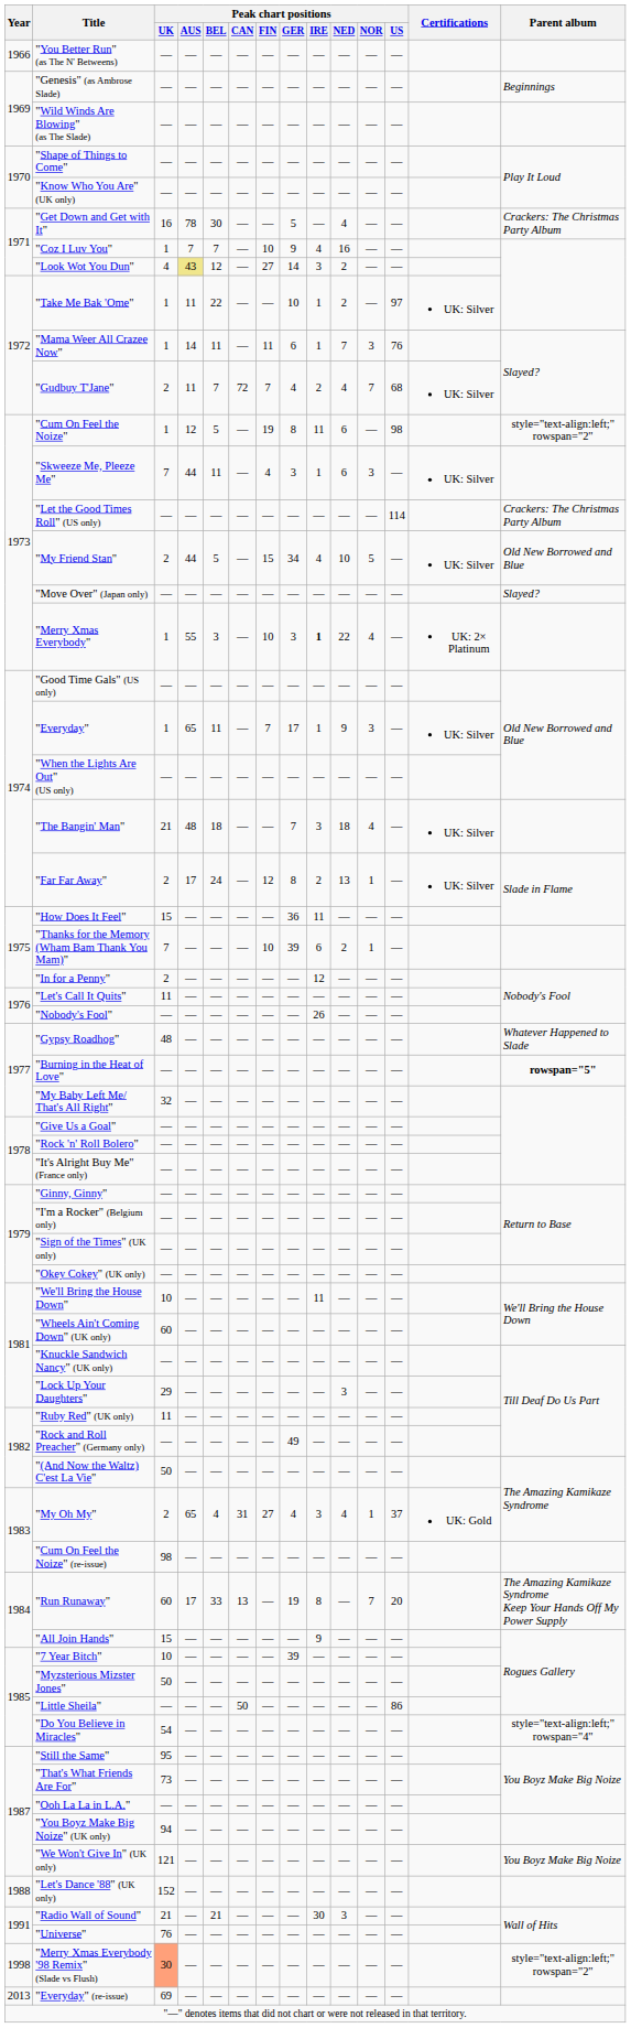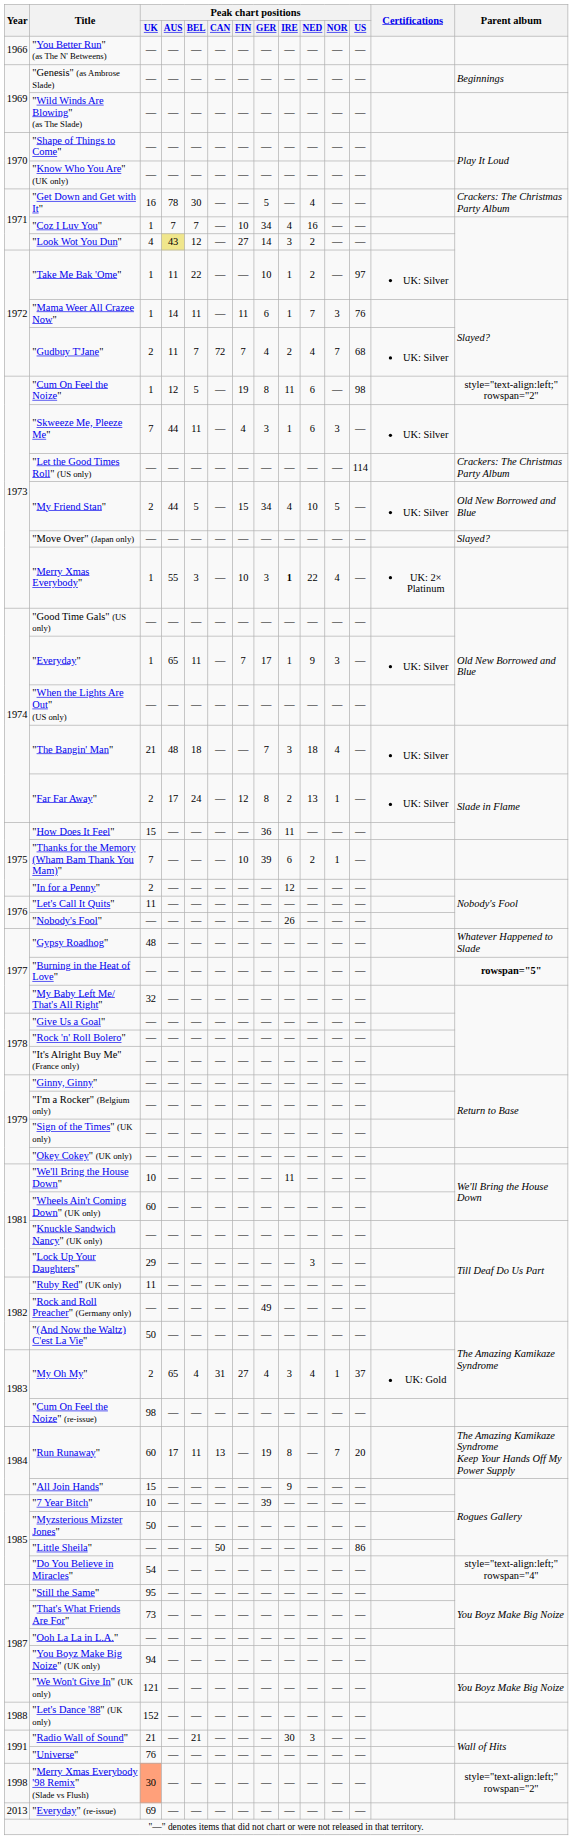 <table class="wikitable" style="text-align:center;">
 <tr>
 <th rowspan="2" style="width:2em;">Year</th>
 <th rowspan="2" style="width:18em;">Title</th>
 <th colspan="10">Peak chart positions</th>
 <th rowspan="2" style="width:10em;"><a href='#'>Certifications</a></th>
 <th rowspan="2" style="width:18em;">Parent album</th>
 </tr>
 <tr>
 <th style="width:2em;font-size:90%;"><a href='#'>UK</a><br></th>
 <th style="width:2em;font-size:90%;"><a href='#'>AUS</a><br></th>
 <th style="width:2em;font-size:90%;"><a href='#'>BEL</a><br></th>
 <th style="width:2em;font-size:90%;"><a href='#'>CAN</a><br></th>
 <th style="width:2em;font-size:90%;"><a href='#'>FIN</a><br></th>
 <th style="width:2em;font-size:90%;"><a href='#'>GER</a><br></th>
 <th style="width:2em;font-size:90%;"><a href='#'>IRE</a><br></th>
 <th style="width:2em;font-size:90%;"><a href='#'>NED</a><br></th>
 <th style="width:2em;font-size:90%;"><a href='#'>NOR</a><br></th>
 <th style="width:2em;font-size:90%;"><a href='#'>US</a><br></th>
 </tr>
 <tr>
 <td>1966</td>
 <td style="text-align:left;">"<a href='#'>You Better Run</a>" <br><small>(as The N' Betweens)</small></td>
 <td>—</td>
 <td>—</td>
 <td>—</td>
 <td>—</td>
 <td>—</td>
 <td>—</td>
 <td>—</td>
 <td>—</td>
 <td>—</td>
 <td>—</td>
 <td></td>
 <td></td>
 </tr>
 <tr>
 <td rowspan="2">1969</td>
 <td style="text-align:left;">"Genesis" <small>(as Ambrose Slade)</small></td>
 <td>—</td>
 <td>—</td>
 <td>—</td>
 <td>—</td>
 <td>—</td>
 <td>—</td>
 <td>—</td>
 <td>—</td>
 <td>—</td>
 <td>—</td>
 <td></td>
 <td style="text-align:left;"><em>Beginnings</em></td>
 </tr>
 <tr>
 <td style="text-align:left;">"<a href='#'>Wild Winds Are Blowing</a>" <br><small>(as The Slade)</small></td>
 <td>—</td>
 <td>—</td>
 <td>—</td>
 <td>—</td>
 <td>—</td>
 <td>—</td>
 <td>—</td>
 <td>—</td>
 <td>—</td>
 <td>—</td>
 <td></td>
 <td></td>
 </tr>
 <tr>
 <td rowspan="2">1970</td>
 <td style="text-align:left;">"<a href='#'>Shape of Things to Come</a>"</td>
 <td>—</td>
 <td>—</td>
 <td>—</td>
 <td>—</td>
 <td>—</td>
 <td>—</td>
 <td>—</td>
 <td>—</td>
 <td>—</td>
 <td>—</td>
 <td></td>
 <td style="text-align:left;" rowspan="2"><em>Play It Loud</em></td>
 </tr>
 <tr>
 <td style="text-align:left;">"<a href='#'>Know Who You Are</a>" <small>(UK only)</small></td>
 <td>—</td>
 <td>—</td>
 <td>—</td>
 <td>—</td>
 <td>—</td>
 <td>—</td>
 <td>—</td>
 <td>—</td>
 <td>—</td>
 <td>—</td>
 <td></td>
 </tr>
 <tr>
 <td rowspan="3">1971</td>
 <td style="text-align:left;">"<a href='#'>Get Down and Get with It</a>"</td>
 <td>16</td>
 <td>78</td>
 <td>30</td>
 <td>—</td>
 <td>—</td>
 <td>5</td>
 <td>—</td>
 <td>4</td>
 <td>—</td>
 <td>—</td>
 <td></td>
 <td style="text-align:left;"><em>Crackers: The Christmas Party Album</em></td>
 </tr>
 <tr>
 <td style="text-align:left;">"<a href='#'>Coz I Luv You</a>"</td>
 <td>1</td>
 <td>7</td>
 <td>7</td>
 <td>—</td>
 <td>10</td>
-<td>9</td>
+<td>34</td>
 <td>4</td>
 <td>16</td>
 <td>—</td>
 <td>—</td>
 <td></td>
 </tr>
 <tr>
 <td style="text-align:left;">"<a href='#'>Look Wot You Dun</a>"</td>
 <td>4</td>
 <td style="background: khaki;">43</td>
 <td>12</td>
 <td>—</td>
 <td>27</td>
 <td>14</td>
 <td>3</td>
 <td>2</td>
 <td>—</td>
 <td>—</td>
 <td></td>
 </tr>
 <tr>
 <td rowspan="3">1972</td>
 <td style="text-align:left;">"<a href='#'>Take Me Bak 'Ome</a>"</td>
 <td>1</td>
 <td>11</td>
 <td>22</td>
 <td>—</td>
 <td>—</td>
 <td>10</td>
 <td>1</td>
 <td>2</td>
 <td>—</td>
 <td>97</td>
 <td><br><ul><li>UK: Silver</li></ul></td>
 </tr>
 <tr>
 <td style="text-align:left;">"<a href='#'>Mama Weer All Crazee Now</a>"</td>
 <td>1</td>
 <td>14</td>
 <td>11</td>
 <td>—</td>
 <td>11</td>
 <td>6</td>
 <td>1</td>
 <td>7</td>
 <td>3</td>
 <td>76</td>
 <td></td>
 <td style="text-align:left;" rowspan="2"><em>Slayed?</em></td>
 </tr>
 <tr>
 <td style="text-align:left;">"<a href='#'>Gudbuy T'Jane</a>"</td>
 <td>2</td>
 <td>11</td>
 <td>7</td>
 <td>72</td>
 <td>7</td>
 <td>4</td>
 <td>2</td>
 <td>4</td>
 <td>7</td>
 <td>68</td>
 <td><br><ul><li>UK: Silver</li></ul></td>
 </tr>
 <tr>
 <td rowspan="6">1973</td>
 <td style="text-align:left;">"<a href='#'>Cum On Feel the Noize</a>"</td>
 <td>1</td>
 <td>12</td>
 <td>5</td>
 <td>—</td>
 <td>19</td>
 <td>8</td>
 <td>11</td>
 <td>6</td>
 <td>—</td>
 <td>98</td>
 <td></td>
 <td>style="text-align:left;" rowspan="2" </td>
 </tr>
 <tr>
 <td style="text-align:left;">"<a href='#'>Skweeze Me, Pleeze Me</a>"</td>
 <td>7</td>
 <td>44</td>
 <td>11</td>
 <td>—</td>
 <td>4</td>
 <td>3</td>
 <td>1</td>
 <td>6</td>
 <td>3</td>
 <td>—</td>
 <td><br><ul><li>UK: Silver</li></ul></td>
 </tr>
 <tr>
 <td style="text-align:left;">"<a href='#'>Let the Good Times Roll</a>" <small>(US only)</small></td>
 <td>—</td>
 <td>—</td>
 <td>—</td>
 <td>—</td>
 <td>—</td>
 <td>—</td>
 <td>—</td>
 <td>—</td>
 <td>—</td>
 <td>114</td>
 <td></td>
 <td style="text-align:left;"><em>Crackers: The Christmas Party Album</em></td>
 </tr>
 <tr>
 <td style="text-align:left;">"<a href='#'>My Friend Stan</a>"</td>
 <td>2</td>
 <td>44</td>
 <td>5</td>
 <td>—</td>
 <td>15</td>
 <td>34</td>
 <td>4</td>
 <td>10</td>
 <td>5</td>
 <td>—</td>
 <td><br><ul><li>UK: Silver</li></ul></td>
 <td style="text-align:left;"><em>Old New Borrowed and Blue</em></td>
 </tr>
 <tr>
 <td style="text-align:left;">"Move Over" <small>(Japan only)</small></td>
 <td>—</td>
 <td>—</td>
 <td>—</td>
 <td>—</td>
 <td>—</td>
 <td>—</td>
 <td>—</td>
 <td>—</td>
 <td>—</td>
 <td>—</td>
 <td></td>
 <td style="text-align:left;"><em>Slayed?</em></td>
 </tr>
 <tr>
 <td style="text-align:left;">"<a href='#'>Merry Xmas Everybody</a>"</td>
 <td>1</td>
 <td>55</td>
 <td>3</td>
 <td>—</td>
 <td>10</td>
 <td>3</td>
 <td><strong>1</strong></td>
 <td>22</td>
 <td>4</td>
 <td>—</td>
 <td><br><ul><li>UK: 2× Platinum</li></ul></td>
 <td></td>
 </tr>
 <tr>
 <td rowspan="5">1974</td>
 <td style="text-align:left;">"Good Time Gals" <small>(US only)</small></td>
 <td>—</td>
 <td>—</td>
 <td>—</td>
 <td>—</td>
 <td>—</td>
 <td>—</td>
 <td>—</td>
 <td>—</td>
 <td>—</td>
 <td>—</td>
 <td></td>
 <td style="text-align:left;" rowspan="3"><em>Old New Borrowed and Blue</em></td>
 </tr>
 <tr>
 <td style="text-align:left;">"<a href='#'>Everyday</a>"</td>
 <td>1</td>
 <td>65</td>
 <td>11</td>
 <td>—</td>
 <td>7</td>
 <td>17</td>
 <td>1</td>
 <td>9</td>
 <td>3</td>
 <td>—</td>
 <td><br><ul><li>UK: Silver</li></ul></td>
 </tr>
 <tr>
 <td style="text-align:left;">"<a href='#'>When the Lights Are Out</a>" <br><small>(US only)</small></td>
 <td>—</td>
 <td>—</td>
 <td>—</td>
 <td>—</td>
 <td>—</td>
 <td>—</td>
 <td>—</td>
 <td>—</td>
 <td>—</td>
 <td>—</td>
 <td></td>
 </tr>
 <tr>
 <td style="text-align:left;">"<a href='#'>The Bangin' Man</a>"</td>
 <td>21</td>
 <td>48</td>
 <td>18</td>
 <td>—</td>
 <td>—</td>
 <td>7</td>
 <td>3</td>
 <td>18</td>
 <td>4</td>
 <td>—</td>
 <td><br><ul><li>UK: Silver</li></ul></td>
 <td></td>
 </tr>
 <tr>
 <td style="text-align:left;">"<a href='#'>Far Far Away</a>"</td>
 <td>2</td>
 <td>17</td>
 <td>24</td>
 <td>—</td>
 <td>12</td>
 <td>8</td>
 <td>2</td>
 <td>13</td>
 <td>1</td>
 <td>—</td>
 <td><br><ul><li>UK: Silver</li></ul></td>
 <td style="text-align:left;" rowspan="2"><em>Slade in Flame</em></td>
 </tr>
 <tr>
 <td rowspan="3">1975</td>
 <td style="text-align:left;">"<a href='#'>How Does It Feel</a>"</td>
 <td>15</td>
 <td>—</td>
 <td>—</td>
 <td>—</td>
 <td>—</td>
 <td>36</td>
 <td>11</td>
 <td>—</td>
 <td>—</td>
 <td>—</td>
 <td></td>
 </tr>
 <tr>
 <td style="text-align:left;">"<a href='#'>Thanks for the Memory<br>(Wham Bam Thank You Mam)</a>"</td>
 <td>7</td>
 <td>—</td>
 <td>—</td>
 <td>—</td>
 <td>10</td>
 <td>39</td>
 <td>6</td>
 <td>2</td>
 <td>1</td>
 <td>—</td>
 <td></td>
 <td></td>
 </tr>
 <tr>
 <td style="text-align:left;">"<a href='#'>In for a Penny</a>"</td>
 <td>2</td>
 <td>—</td>
 <td>—</td>
 <td>—</td>
 <td>—</td>
 <td>—</td>
 <td>12</td>
 <td>—</td>
 <td>—</td>
 <td>—</td>
 <td></td>
 <td style="text-align:left;" rowspan="3"><em>Nobody's Fool</em></td>
 </tr>
 <tr>
 <td rowspan="2">1976</td>
 <td style="text-align:left;">"<a href='#'>Let's Call It Quits</a>"</td>
 <td>11</td>
 <td>—</td>
 <td>—</td>
 <td>—</td>
 <td>—</td>
 <td>—</td>
 <td>—</td>
 <td>—</td>
 <td>—</td>
 <td>—</td>
 <td></td>
 </tr>
 <tr>
 <td style="text-align:left;">"<a href='#'>Nobody's Fool</a>"</td>
 <td>—</td>
 <td>—</td>
 <td>—</td>
 <td>—</td>
 <td>—</td>
 <td>—</td>
 <td>26</td>
 <td>—</td>
 <td>—</td>
 <td>—</td>
 <td></td>
 </tr>
 <tr>
 <td rowspan="3">1977</td>
 <td style="text-align:left;">"<a href='#'>Gypsy Roadhog</a>"</td>
 <td>48</td>
 <td>—</td>
 <td>—</td>
 <td>—</td>
 <td>—</td>
 <td>—</td>
 <td>—</td>
 <td>—</td>
 <td>—</td>
 <td>—</td>
 <td></td>
 <td style="text-align:left;"><em>Whatever Happened to Slade</em></td>
 </tr>
 <tr>
 <td style="text-align:left;">"<a href='#'>Burning in the Heat of Love</a>"</td>
 <td>—</td>
 <td>—</td>
 <td>—</td>
 <td>—</td>
 <td>—</td>
 <td>—</td>
 <td>—</td>
 <td>—</td>
 <td>—</td>
 <td>—</td>
 <td></td>
 <td><strong>rowspan="5" </strong></td>
 </tr>
 <tr>
 <td style="text-align:left;">"<a href='#'>My Baby Left Me/</a> <a href='#'>That's All Right</a>"</td>
 <td>32</td>
 <td>—</td>
 <td>—</td>
 <td>—</td>
 <td>—</td>
 <td>—</td>
 <td>—</td>
 <td>—</td>
 <td>—</td>
 <td>—</td>
 <td></td>
 </tr>
 <tr>
 <td rowspan="3">1978</td>
 <td style="text-align:left;">"<a href='#'>Give Us a Goal</a>"</td>
 <td>—</td>
 <td>—</td>
 <td>—</td>
 <td>—</td>
 <td>—</td>
 <td>—</td>
 <td>—</td>
 <td>—</td>
 <td>—</td>
 <td>—</td>
 <td></td>
 </tr>
 <tr>
 <td style="text-align:left;">"<a href='#'>Rock 'n' Roll Bolero</a>"</td>
 <td>—</td>
 <td>—</td>
 <td>—</td>
 <td>—</td>
 <td>—</td>
 <td>—</td>
 <td>—</td>
 <td>—</td>
 <td>—</td>
 <td>—</td>
 <td></td>
 </tr>
 <tr>
 <td style="text-align:left;">"It's Alright Buy Me" <small>(France only)</small></td>
 <td>—</td>
 <td>—</td>
 <td>—</td>
 <td>—</td>
 <td>—</td>
 <td>—</td>
 <td>—</td>
 <td>—</td>
 <td>—</td>
 <td>—</td>
 <td></td>
 </tr>
 <tr>
 <td rowspan="4">1979</td>
 <td style="text-align:left;">"<a href='#'>Ginny, Ginny</a>"</td>
 <td>—</td>
 <td>—</td>
 <td>—</td>
 <td>—</td>
 <td>—</td>
 <td>—</td>
 <td>—</td>
 <td>—</td>
 <td>—</td>
 <td>—</td>
 <td></td>
 <td style="text-align:left;" rowspan="3"><em>Return to Base</em></td>
 </tr>
 <tr>
 <td style="text-align:left;">"I'm a Rocker" <small>(Belgium only)</small></td>
 <td>—</td>
 <td>—</td>
 <td>—</td>
 <td>—</td>
 <td>—</td>
 <td>—</td>
 <td>—</td>
 <td>—</td>
 <td>—</td>
 <td>—</td>
 <td></td>
 </tr>
 <tr>
 <td style="text-align:left;">"<a href='#'>Sign of the Times</a>" <small>(UK only)</small></td>
 <td>—</td>
 <td>—</td>
 <td>—</td>
 <td>—</td>
 <td>—</td>
 <td>—</td>
 <td>—</td>
 <td>—</td>
 <td>—</td>
 <td>—</td>
 <td></td>
 </tr>
 <tr>
 <td style="text-align:left;">"<a href='#'>Okey Cokey</a>" <small>(UK only)</small></td>
 <td>—</td>
 <td>—</td>
 <td>—</td>
 <td>—</td>
 <td>—</td>
 <td>—</td>
 <td>—</td>
 <td>—</td>
 <td>—</td>
 <td>—</td>
 <td></td>
 <td></td>
 </tr>
 <tr>
 <td rowspan="4">1981</td>
 <td style="text-align:left;">"<a href='#'>We'll Bring the House Down</a>"</td>
 <td>10</td>
 <td>—</td>
 <td>—</td>
 <td>—</td>
 <td>—</td>
 <td>—</td>
 <td>11</td>
 <td>—</td>
 <td>—</td>
 <td>—</td>
 <td></td>
 <td style="text-align:left;" rowspan="2"><em>We'll Bring the House Down</em></td>
 </tr>
 <tr>
 <td style="text-align:left;">"<a href='#'>Wheels Ain't Coming Down</a>" <small>(UK only)</small></td>
 <td>60</td>
 <td>—</td>
 <td>—</td>
 <td>—</td>
 <td>—</td>
 <td>—</td>
 <td>—</td>
 <td>—</td>
 <td>—</td>
 <td>—</td>
 <td></td>
 </tr>
 <tr>
 <td style="text-align:left;">"<a href='#'>Knuckle Sandwich Nancy</a>" <small>(UK only)</small></td>
 <td>—</td>
 <td>—</td>
 <td>—</td>
 <td>—</td>
 <td>—</td>
 <td>—</td>
 <td>—</td>
 <td>—</td>
 <td>—</td>
 <td>—</td>
 <td></td>
 <td style="text-align:left;" rowspan="4"><em>Till Deaf Do Us Part</em></td>
 </tr>
 <tr>
 <td style="text-align:left;">"<a href='#'>Lock Up Your Daughters</a>"</td>
 <td>29</td>
 <td>—</td>
 <td>—</td>
 <td>—</td>
 <td>—</td>
 <td>—</td>
 <td>—</td>
 <td>3</td>
 <td>—</td>
 <td>—</td>
 <td></td>
 </tr>
 <tr>
 <td rowspan="3">1982</td>
 <td style="text-align:left;">"<a href='#'>Ruby Red</a>" <small>(UK only)</small></td>
 <td>11</td>
 <td>—</td>
 <td>—</td>
 <td>—</td>
 <td>—</td>
 <td>—</td>
 <td>—</td>
 <td>—</td>
 <td>—</td>
 <td>—</td>
 <td></td>
 </tr>
 <tr>
 <td style="text-align:left;">"<a href='#'>Rock and Roll Preacher</a>" <small>(Germany only)</small></td>
 <td>—</td>
 <td>—</td>
 <td>—</td>
 <td>—</td>
 <td>—</td>
 <td>49</td>
 <td>—</td>
 <td>—</td>
 <td>—</td>
 <td>—</td>
 <td></td>
 </tr>
 <tr>
 <td style="text-align:left;">"<a href='#'>(And Now the Waltz) C'est La Vie</a>"</td>
 <td>50</td>
 <td>—</td>
 <td>—</td>
 <td>—</td>
 <td>—</td>
 <td>—</td>
 <td>—</td>
 <td>—</td>
 <td>—</td>
 <td>—</td>
 <td></td>
 <td rowspan="2" style="text-align:left;"><em>The Amazing Kamikaze Syndrome</em></td>
 </tr>
 <tr>
 <td rowspan="2">1983</td>
 <td style="text-align:left;">"<a href='#'>My Oh My</a>"</td>
 <td>2</td>
 <td>65</td>
 <td>4</td>
 <td>31</td>
 <td>27</td>
 <td>4</td>
 <td>3</td>
 <td>4</td>
 <td>1</td>
 <td>37</td>
 <td><br><ul><li>UK: Gold</li></ul></td>
 </tr>
 <tr>
 <td style="text-align:left;">"<a href='#'>Cum On Feel the Noize</a>" <small>(re-issue)</small></td>
 <td>98</td>
 <td>—</td>
 <td>—</td>
 <td>—</td>
 <td>—</td>
 <td>—</td>
 <td>—</td>
 <td>—</td>
 <td>—</td>
 <td>—</td>
 <td></td>
 <td></td>
 </tr>
 <tr>
 <td rowspan="2">1984</td>
 <td style="text-align:left;">"<a href='#'>Run Runaway</a>"</td>
 <td>60</td>
 <td>17</td>
-<td>33</td>
+<td>11</td>
 <td>13</td>
 <td>—</td>
 <td>19</td>
 <td>8</td>
 <td>—</td>
 <td>7</td>
 <td>20</td>
 <td></td>
 <td style="text-align:left;"><em>The Amazing Kamikaze Syndrome<br>Keep Your Hands Off My Power Supply</em></td>
 </tr>
 <tr>
 <td style="text-align:left;">"<a href='#'>All Join Hands</a>"</td>
 <td>15</td>
 <td>—</td>
 <td>—</td>
 <td>—</td>
 <td>—</td>
 <td>—</td>
 <td>9</td>
 <td>—</td>
 <td>—</td>
 <td>—</td>
 <td></td>
 <td style="text-align:left;" rowspan="4"><em>Rogues Gallery</em></td>
 </tr>
 <tr>
 <td rowspan="4">1985</td>
 <td style="text-align:left;">"<a href='#'>7 Year Bitch</a>"</td>
 <td>10</td>
 <td>—</td>
 <td>—</td>
 <td>—</td>
 <td>—</td>
 <td>39</td>
 <td>—</td>
 <td>—</td>
 <td>—</td>
 <td>—</td>
 <td></td>
 </tr>
 <tr>
 <td style="text-align:left;">"<a href='#'>Myzsterious Mizster Jones</a>"</td>
 <td>50</td>
 <td>—</td>
 <td>—</td>
 <td>—</td>
 <td>—</td>
 <td>—</td>
 <td>—</td>
 <td>—</td>
 <td>—</td>
 <td>—</td>
 <td></td>
 </tr>
 <tr>
 <td style="text-align:left;">"<a href='#'>Little Sheila</a>"</td>
 <td>—</td>
 <td>—</td>
 <td>—</td>
 <td>50</td>
 <td>—</td>
 <td>—</td>
 <td>—</td>
 <td>—</td>
 <td>—</td>
 <td>86</td>
 <td></td>
 </tr>
 <tr>
 <td style="text-align:left;">"<a href='#'>Do You Believe in Miracles</a>"</td>
 <td>54</td>
 <td>—</td>
 <td>—</td>
 <td>—</td>
 <td>—</td>
 <td>—</td>
 <td>—</td>
 <td>—</td>
 <td>—</td>
 <td>—</td>
 <td></td>
 <td>style="text-align:left;" rowspan="4" </td>
 </tr>
 <tr>
 <td rowspan="5">1987</td>
 <td style="text-align:left;">"<a href='#'>Still the Same</a>"</td>
 <td>95</td>
 <td>—</td>
 <td>—</td>
 <td>—</td>
 <td>—</td>
 <td>—</td>
 <td>—</td>
 <td>—</td>
 <td>—</td>
 <td>—</td>
 <td></td>
 <td style="text-align:left;" rowspan="3"><em>You Boyz Make Big Noize</em></td>
 </tr>
 <tr>
 <td style="text-align:left;">"<a href='#'>That's What Friends Are For</a>"</td>
 <td>73</td>
 <td>—</td>
 <td>—</td>
 <td>—</td>
 <td>—</td>
 <td>—</td>
 <td>—</td>
 <td>—</td>
 <td>—</td>
 <td>—</td>
 <td></td>
 </tr>
 <tr>
 <td style="text-align:left;">"<a href='#'>Ooh La La in L.A.</a>"</td>
 <td>—</td>
 <td>—</td>
 <td>—</td>
 <td>—</td>
 <td>—</td>
 <td>—</td>
 <td>—</td>
 <td>—</td>
 <td>—</td>
 <td>—</td>
 <td></td>
 </tr>
 <tr>
 <td style="text-align:left;">"<a href='#'>You Boyz Make Big Noize</a>" <small>(UK only)</small></td>
 <td>94</td>
 <td>—</td>
 <td>—</td>
 <td>—</td>
 <td>—</td>
 <td>—</td>
 <td>—</td>
 <td>—</td>
 <td>—</td>
 <td>—</td>
 <td></td>
 <td></td>
 </tr>
 <tr>
 <td style="text-align:left;">"<a href='#'>We Won't Give In</a>" <small>(UK only)</small></td>
 <td>121</td>
 <td>—</td>
 <td>—</td>
 <td>—</td>
 <td>—</td>
 <td>—</td>
 <td>—</td>
 <td>—</td>
 <td>—</td>
 <td>—</td>
 <td></td>
 <td style="text-align:left;"><em>You Boyz Make Big Noize</em></td>
 </tr>
 <tr>
 <td>1988</td>
 <td style="text-align:left;">"<a href='#'>Let's Dance '88</a>" <small>(UK only)</small></td>
 <td>152</td>
 <td>—</td>
 <td>—</td>
 <td>—</td>
 <td>—</td>
 <td>—</td>
 <td>—</td>
 <td>—</td>
 <td>—</td>
 <td>—</td>
 <td></td>
 <td></td>
 </tr>
 <tr>
 <td rowspan="2">1991</td>
 <td style="text-align:left;">"<a href='#'>Radio Wall of Sound</a>"</td>
 <td>21</td>
 <td>—</td>
 <td>21</td>
 <td>—</td>
 <td>—</td>
 <td>—</td>
 <td>30</td>
 <td>3</td>
 <td>—</td>
 <td>—</td>
 <td></td>
 <td style="text-align:left;" rowspan="2"><em>Wall of Hits</em></td>
 </tr>
 <tr>
 <td style="text-align:left;">"<a href='#'>Universe</a>"</td>
 <td>76</td>
 <td>—</td>
 <td>—</td>
 <td>—</td>
 <td>—</td>
 <td>—</td>
 <td>—</td>
 <td>—</td>
 <td>—</td>
 <td>—</td>
 <td></td>
 </tr>
 <tr>
 <td>1998</td>
 <td style="text-align:left;">"<a href='#'>Merry Xmas Everybody '98 Remix</a>"<br><small>(Slade vs Flush)</small></td>
 <td style="background: lightsalmon;">30</td>
 <td>—</td>
 <td>—</td>
 <td>—</td>
 <td>—</td>
 <td>—</td>
 <td>—</td>
 <td>—</td>
 <td>—</td>
 <td>—</td>
 <td></td>
 <td>style="text-align:left;" rowspan="2" </td>
 </tr>
 <tr>
 <td>2013</td>
 <td style="text-align:left;">"<a href='#'>Everyday</a>" <small>(re-issue)</small></td>
 <td>69</td>
 <td>—</td>
 <td>—</td>
 <td>—</td>
 <td>—</td>
 <td>—</td>
 <td>—</td>
 <td>—</td>
 <td>—</td>
 <td>—</td>
 <td></td>
 </tr>
 <tr>
 <td colspan="15" style="text-align:center; font-size:90%;">"—" denotes items that did not chart or were not released in that territory.</td>
 </tr>
 </table>
